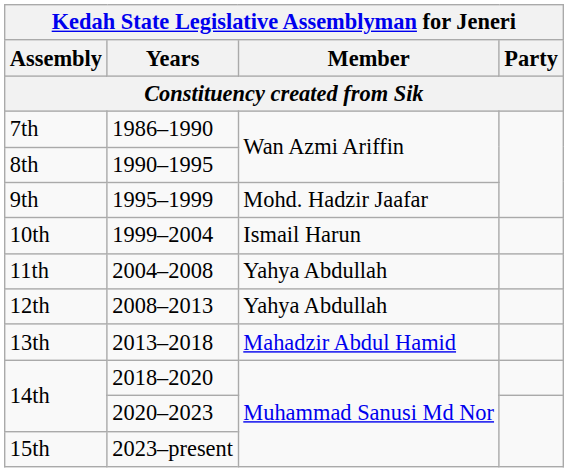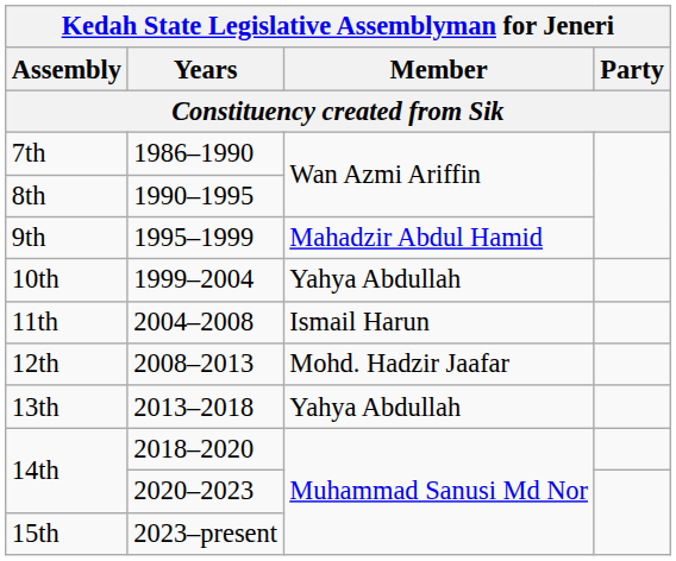 <table class="wikitable">
 <tr>
 <th colspan="4"><a href='#'>Kedah State Legislative Assemblyman</a> for Jeneri</th>
 </tr>
 <tr>
 <th>Assembly</th>
 <th>Years</th>
 <th>Member</th>
 <th>Party</th>
 </tr>
 <tr>
 <th colspan="4" align="center"><em>Constituency created from Sik</em></th>
 </tr>
 <tr>
 <td>7th</td>
 <td>1986–1990</td>
 <td rowspan="2">Wan Azmi Ariffin</td>
 <td rowspan="3"></td>
 </tr>
 <tr>
 <td>8th</td>
 <td>1990–1995</td>
 </tr>
 <tr>
 <td>9th</td>
 <td>1995–1999</td>
-<td>Mohd. Hadzir Jaafar</td>
+<td><a href='#'>Mahadzir Abdul Hamid</a></td>
 </tr>
 <tr>
 <td>10th</td>
 <td>1999–2004</td>
-<td>Ismail Harun</td>
+<td>Yahya Abdullah</td>
 <td></td>
 </tr>
 <tr>
 <td>11th</td>
 <td>2004–2008</td>
-<td>Yahya Abdullah</td>
+<td>Ismail Harun</td>
 <td></td>
 </tr>
 <tr>
 <td>12th</td>
 <td>2008–2013</td>
-<td>Yahya Abdullah</td>
+<td>Mohd. Hadzir Jaafar</td>
 <td></td>
 </tr>
 <tr>
 <td>13th</td>
 <td>2013–2018</td>
-<td><a href='#'>Mahadzir Abdul Hamid</a></td>
+<td>Yahya Abdullah</td>
 <td></td>
 </tr>
 <tr>
 <td rowspan="2">14th</td>
 <td>2018–2020</td>
 <td rowspan="3"><a href='#'>Muhammad Sanusi Md Nor</a></td>
 <td></td>
 </tr>
 <tr>
 <td>2020–2023</td>
 <td rowspan="2"></td>
 </tr>
 <tr>
 <td>15th</td>
 <td>2023–present</td>
 </tr>
 </table>
